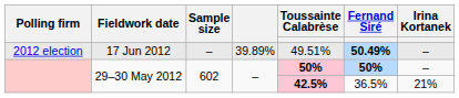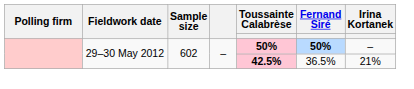 <table class="wikitable sortable" style="text-align:center;font-size:90%;line-height:14px;">
 <tr style="height:40px;">
 <th style="width:100px;" rowspan="2">Polling firm</th>
 <th style="width:110px;" rowspan="2">Fieldwork date</th>
 <th style="width:35px;" rowspan="2">Sample<br>size</th>
 <th style="width:30px;" rowspan="2"></th>
 <th class="unsortable" style="width:60px;">Toussainte Calabrèse<br></th>
 <th class="unsortable" style="width:60px;"><a href='#'>Fernand Siré</a><br></th>
 <th class="unsortable" style="width:60px;">Irina Kortanek<br></th>
 </tr>
 <tr>
 <th style="background:"></th>
 <th style="background:"></th>
 <th style="background:"></th>
-</tr>
-<tr style="background:#E9E9E9;">
-<td><a href='#'>2012 election</a></td>
-<td data-sort-value="2012-06-17">17 Jun 2012</td>
-<td>–</td>
-<td>39.89%</td>
-<td>49.51%</td>
-<td style="background:#B9DAFF;"><strong>50.49%</strong></td>
-<td>–</td>
 </tr>
 <tr>
 <td rowspan="2" style="background:#FFCCCC;"></td>
 <td rowspan="2" data-sort-value="2012-05-30">29–30 May 2012</td>
 <td rowspan="2">602</td>
 <td rowspan="2">–</td>
 <td style="background:#FFC6D5;"><strong>50%</strong></td>
 <td style="background:#B9DAFF;"><strong>50%</strong></td>
 <td>–</td>
 </tr>
 <tr>
 <td style="background:#FFC6D5;"><strong>42.5%</strong></td>
 <td>36.5%</td>
 <td>21%</td>
 </tr>
 </table>
